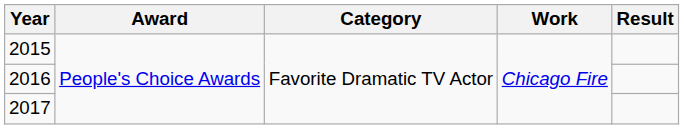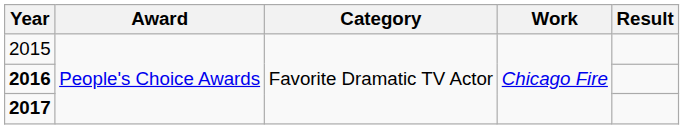 <table class="wikitable">
 <tr>
 <th>Year</th>
 <th>Award</th>
 <th>Category</th>
 <th>Work</th>
 <th>Result</th>
 </tr>
 <tr>
 <td>2015</td>
 <td rowspan="3"><a href='#'>People's Choice Awards</a></td>
 <td rowspan="3">Favorite Dramatic TV Actor</td>
 <td rowspan="3"><em><a href='#'>Chicago Fire</a></em></td>
 <td></td>
 </tr>
 <tr>
-<td>2016</td>
+<td><strong>2016</strong></td>
 <td> </td>
 </tr>
 <tr>
-<td>2017</td>
+<td><strong>2017</strong></td>
 <td> </td>
 </tr>
 </table>
